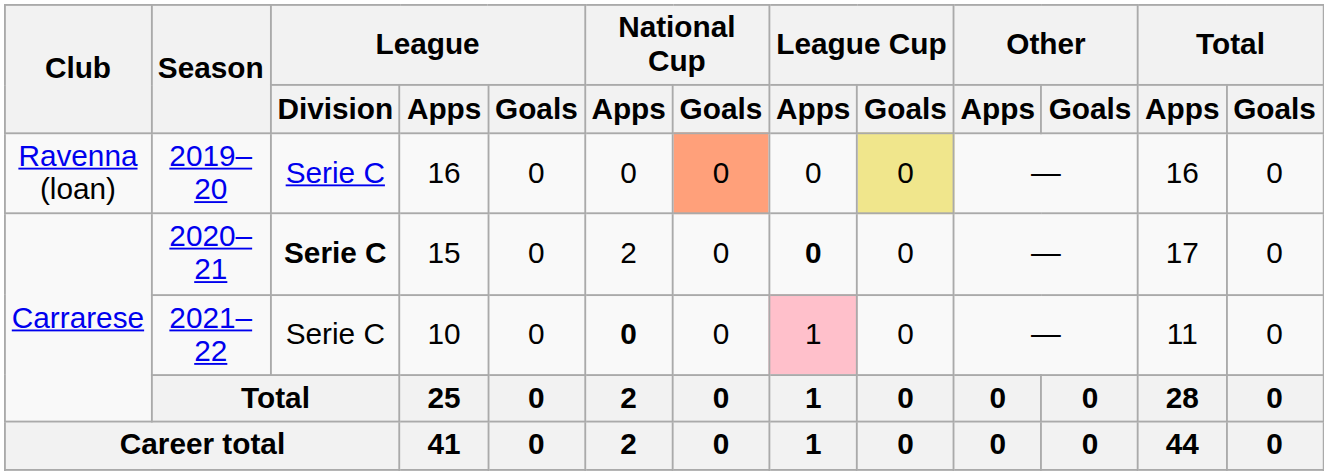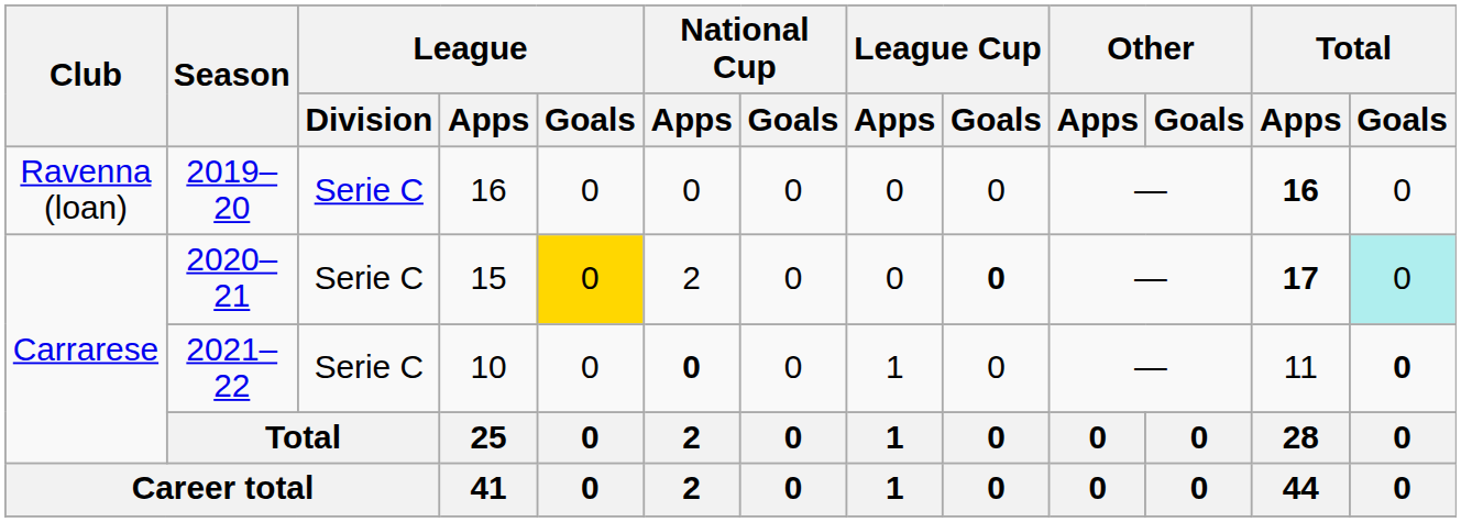 <table class="wikitable" style="text-align:center">
 <tr>
 <th rowspan="2">Club</th>
 <th rowspan="2">Season</th>
 <th colspan="3">League</th>
 <th colspan="2">National Cup</th>
 <th colspan="2">League Cup</th>
 <th colspan="2">Other</th>
 <th colspan="2">Total</th>
 </tr>
 <tr>
 <th>Division</th>
 <th>Apps</th>
 <th>Goals</th>
 <th>Apps</th>
 <th>Goals</th>
 <th>Apps</th>
 <th>Goals</th>
 <th>Apps</th>
 <th>Goals</th>
 <th>Apps</th>
 <th>Goals</th>
 </tr>
 <tr>
 <td><a href='#'>Ravenna</a> (loan)</td>
 <td><a href='#'>2019–20</a></td>
 <td><a href='#'>Serie C</a></td>
 <td>16</td>
 <td>0</td>
 <td>0</td>
-<td style="background: lightsalmon;">0</td>
 <td>0</td>
-<td style="background: khaki;">0</td>
+<td>0</td>
+<td>0</td>
 <td colspan="2">—</td>
-<td>16</td>
+<td><strong>16</strong></td>
 <td>0</td>
 </tr>
 <tr>
 <td rowspan="3"><a href='#'>Carrarese</a></td>
 <td><a href='#'>2020–21</a></td>
-<td><strong>Serie C</strong></td>
+<td>Serie C</td>
 <td>15</td>
-<td>0</td>
+<td style="background: gold;">0</td>
 <td>2</td>
 <td>0</td>
+<td>0</td>
 <td><strong>0</strong></td>
-<td>0</td>
 <td colspan="2">—</td>
-<td>17</td>
-<td>0</td>
+<td><strong>17</strong></td>
+<td style="background: paleturquoise;">0</td>
 </tr>
 <tr>
 <td><a href='#'>2021–22</a></td>
 <td>Serie C</td>
 <td>10</td>
 <td>0</td>
 <td><strong>0</strong></td>
 <td>0</td>
-<td style="background: pink;">1</td>
+<td>1</td>
 <td>0</td>
 <td colspan="2">—</td>
 <td>11</td>
-<td>0</td>
+<td><strong>0</strong></td>
 </tr>
 <tr>
 <th colspan="2">Total</th>
 <th>25</th>
 <th>0</th>
 <th>2</th>
 <th>0</th>
 <th>1</th>
 <th>0</th>
 <th>0</th>
 <th>0</th>
 <th>28</th>
 <th>0</th>
 </tr>
 <tr>
 <th colspan="3">Career total</th>
 <th>41</th>
 <th>0</th>
 <th>2</th>
 <th>0</th>
 <th>1</th>
 <th>0</th>
 <th>0</th>
 <th>0</th>
 <th>44</th>
 <th>0</th>
 </tr>
 </table>
